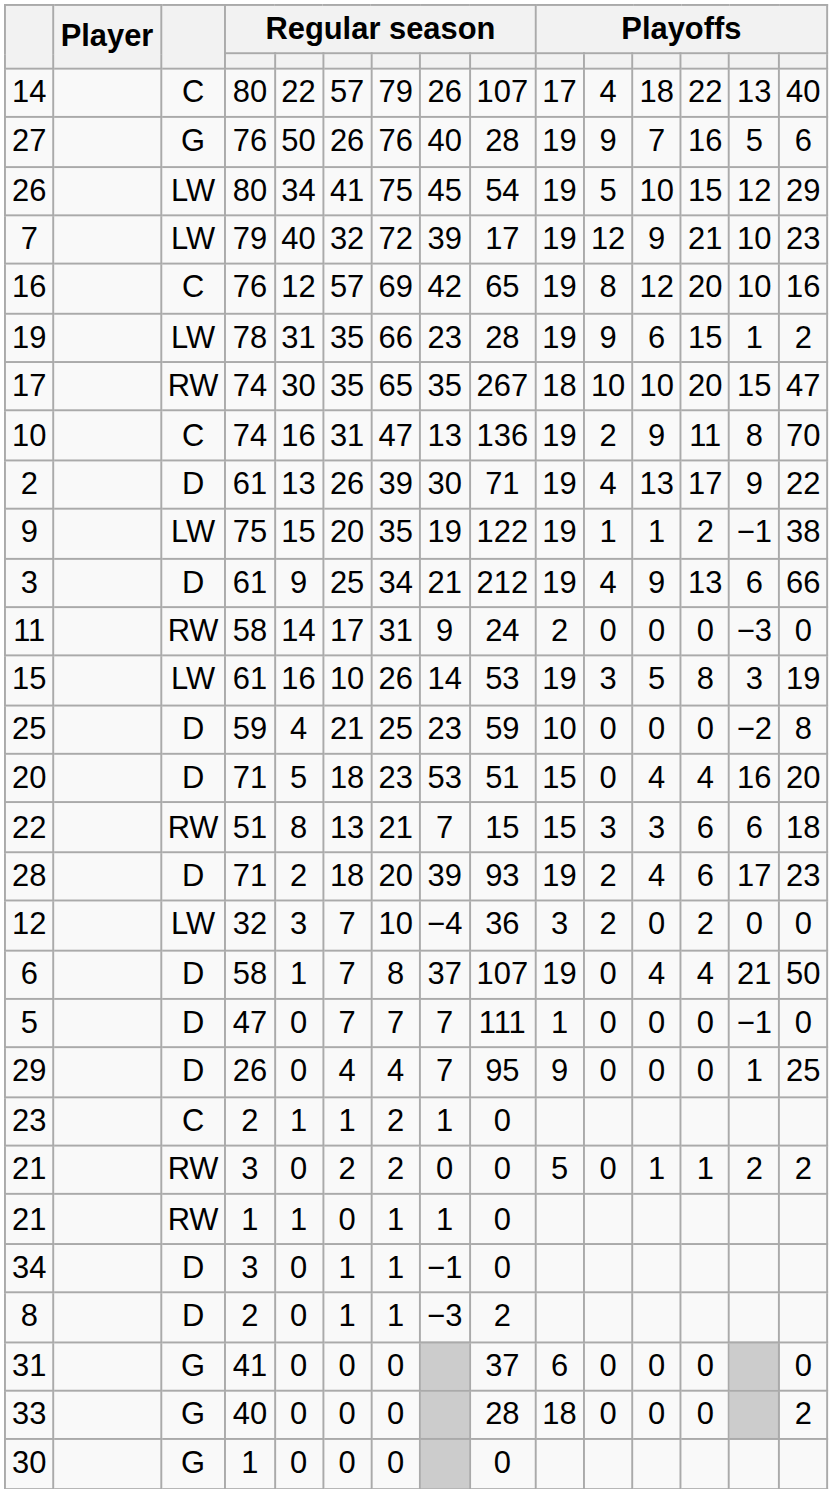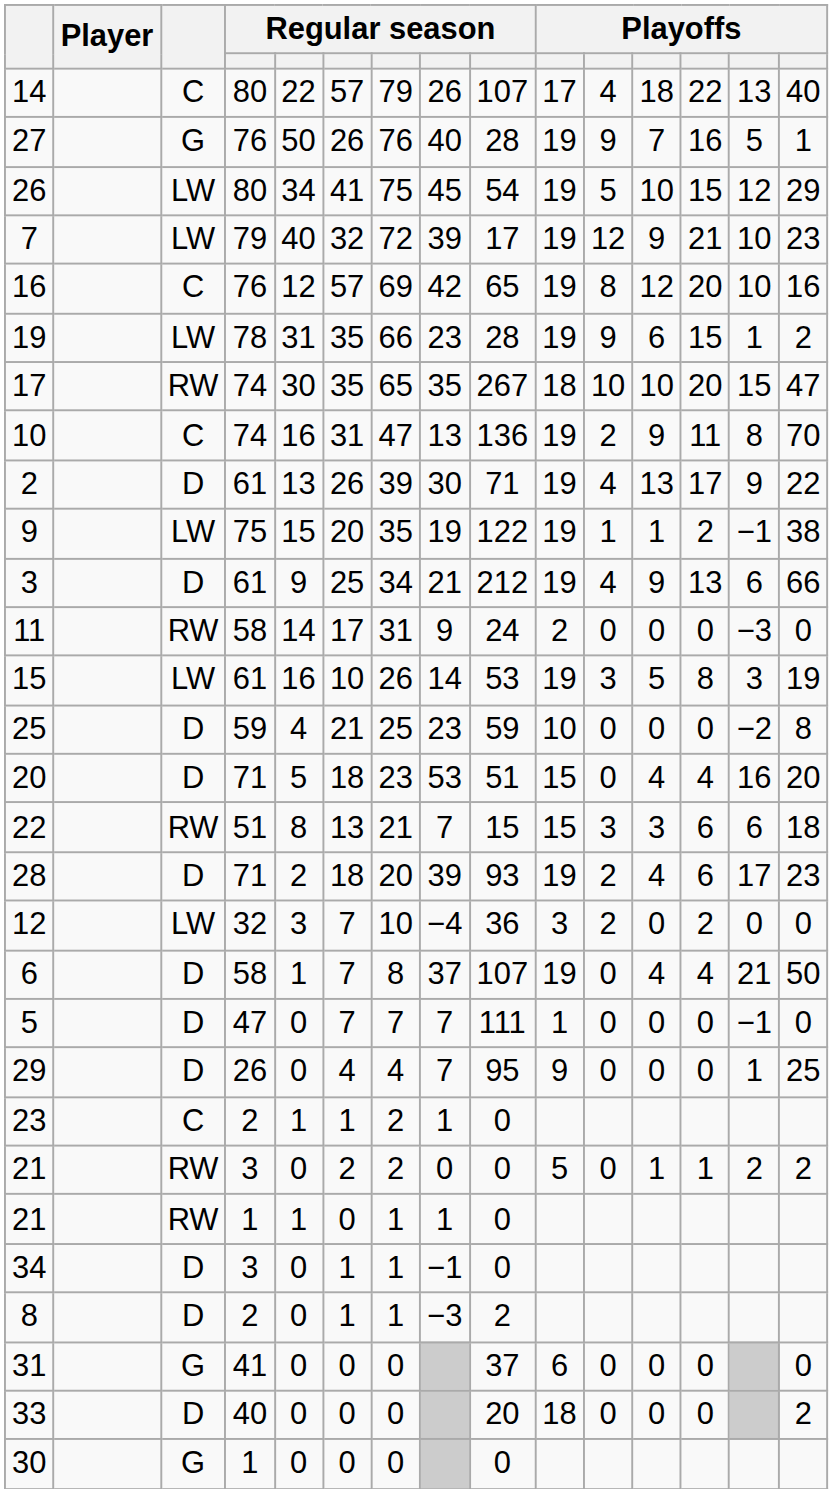 <table class="wikitable sortable plainrowheaders" style="text-align:center;">
 <tr>
 <th scope="col" data-sort-type="number" rowspan="2"></th>
 <th scope="col" rowspan="2">Player</th>
 <th scope="col" rowspan="2"></th>
 <th scope=colgroup colspan=6>Regular season</th>
 <th scope=colgroup colspan=6>Playoffs</th>
 </tr>
 <tr>
 <th scope="col" data-sort-type="number"></th>
 <th scope="col" data-sort-type="number"></th>
 <th scope="col" data-sort-type="number"></th>
 <th scope="col" data-sort-type="number"></th>
 <th scope="col" data-sort-type="number"></th>
 <th scope="col" data-sort-type="number"></th>
 <th scope="col" data-sort-type="number"></th>
 <th scope="col" data-sort-type="number"></th>
 <th scope="col" data-sort-type="number"></th>
 <th scope="col" data-sort-type="number"></th>
 <th scope="col" data-sort-type="number"></th>
 <th scope="col" data-sort-type="number"></th>
 </tr>
 <tr>
 <td scope="row">14</td>
 <td align="left"></td>
 <td>C</td>
 <td>80</td>
 <td>22</td>
 <td>57</td>
 <td>79</td>
 <td>26</td>
 <td>107</td>
 <td>17</td>
 <td>4</td>
 <td>18</td>
 <td>22</td>
 <td>13</td>
 <td>40</td>
 </tr>
 <tr>
 <td scope="row">27</td>
 <td align="left"></td>
 <td>G</td>
 <td>76</td>
 <td>50</td>
 <td>26</td>
 <td>76</td>
 <td>40</td>
 <td>28</td>
 <td>19</td>
 <td>9</td>
 <td>7</td>
 <td>16</td>
 <td>5</td>
-<td>6</td>
+<td>1</td>
 </tr>
 <tr>
 <td scope="row">26</td>
 <td align="left"></td>
 <td>LW</td>
 <td>80</td>
 <td>34</td>
 <td>41</td>
 <td>75</td>
 <td>45</td>
 <td>54</td>
 <td>19</td>
 <td>5</td>
 <td>10</td>
 <td>15</td>
 <td>12</td>
 <td>29</td>
 </tr>
 <tr>
 <td scope="row">7</td>
 <td align="left"></td>
 <td>LW</td>
 <td>79</td>
 <td>40</td>
 <td>32</td>
 <td>72</td>
 <td>39</td>
 <td>17</td>
 <td>19</td>
 <td>12</td>
 <td>9</td>
 <td>21</td>
 <td>10</td>
 <td>23</td>
 </tr>
 <tr>
 <td scope="row">16</td>
 <td align="left"></td>
 <td>C</td>
 <td>76</td>
 <td>12</td>
 <td>57</td>
 <td>69</td>
 <td>42</td>
 <td>65</td>
 <td>19</td>
 <td>8</td>
 <td>12</td>
 <td>20</td>
 <td>10</td>
 <td>16</td>
 </tr>
 <tr>
 <td scope="row">19</td>
 <td align="left"></td>
 <td>LW</td>
 <td>78</td>
 <td>31</td>
 <td>35</td>
 <td>66</td>
 <td>23</td>
 <td>28</td>
 <td>19</td>
 <td>9</td>
 <td>6</td>
 <td>15</td>
 <td>1</td>
 <td>2</td>
 </tr>
 <tr>
 <td scope="row">17</td>
 <td align="left"></td>
 <td>RW</td>
 <td>74</td>
 <td>30</td>
 <td>35</td>
 <td>65</td>
 <td>35</td>
 <td>267</td>
 <td>18</td>
 <td>10</td>
 <td>10</td>
 <td>20</td>
 <td>15</td>
 <td>47</td>
 </tr>
 <tr>
 <td scope="row">10</td>
 <td align="left"></td>
 <td>C</td>
 <td>74</td>
 <td>16</td>
 <td>31</td>
 <td>47</td>
 <td>13</td>
 <td>136</td>
 <td>19</td>
 <td>2</td>
 <td>9</td>
 <td>11</td>
 <td>8</td>
 <td>70</td>
 </tr>
 <tr>
 <td scope="row">2</td>
 <td align="left"></td>
 <td>D</td>
 <td>61</td>
 <td>13</td>
 <td>26</td>
 <td>39</td>
 <td>30</td>
 <td>71</td>
 <td>19</td>
 <td>4</td>
 <td>13</td>
 <td>17</td>
 <td>9</td>
 <td>22</td>
 </tr>
 <tr>
 <td scope="row">9</td>
 <td align="left"></td>
 <td>LW</td>
 <td>75</td>
 <td>15</td>
 <td>20</td>
 <td>35</td>
 <td>19</td>
 <td>122</td>
 <td>19</td>
 <td>1</td>
 <td>1</td>
 <td>2</td>
 <td>−1</td>
 <td>38</td>
 </tr>
 <tr>
 <td scope="row">3</td>
 <td align="left"></td>
 <td>D</td>
 <td>61</td>
 <td>9</td>
 <td>25</td>
 <td>34</td>
 <td>21</td>
 <td>212</td>
 <td>19</td>
 <td>4</td>
 <td>9</td>
 <td>13</td>
 <td>6</td>
 <td>66</td>
 </tr>
 <tr>
 <td scope="row">11</td>
 <td align="left"></td>
 <td>RW</td>
 <td>58</td>
 <td>14</td>
 <td>17</td>
 <td>31</td>
 <td>9</td>
 <td>24</td>
 <td>2</td>
 <td>0</td>
 <td>0</td>
 <td>0</td>
 <td>−3</td>
 <td>0</td>
 </tr>
 <tr>
 <td scope="row">15</td>
 <td align="left"></td>
 <td>LW</td>
 <td>61</td>
 <td>16</td>
 <td>10</td>
 <td>26</td>
 <td>14</td>
 <td>53</td>
 <td>19</td>
 <td>3</td>
 <td>5</td>
 <td>8</td>
 <td>3</td>
 <td>19</td>
 </tr>
 <tr>
 <td scope="row">25</td>
 <td align="left"></td>
 <td>D</td>
 <td>59</td>
 <td>4</td>
 <td>21</td>
 <td>25</td>
 <td>23</td>
 <td>59</td>
 <td>10</td>
 <td>0</td>
 <td>0</td>
 <td>0</td>
 <td>−2</td>
 <td>8</td>
 </tr>
 <tr>
 <td scope="row">20</td>
 <td align="left"></td>
 <td>D</td>
 <td>71</td>
 <td>5</td>
 <td>18</td>
 <td>23</td>
 <td>53</td>
 <td>51</td>
 <td>15</td>
 <td>0</td>
 <td>4</td>
 <td>4</td>
 <td>16</td>
 <td>20</td>
 </tr>
 <tr>
 <td scope="row">22</td>
 <td align="left"></td>
 <td>RW</td>
 <td>51</td>
 <td>8</td>
 <td>13</td>
 <td>21</td>
 <td>7</td>
 <td>15</td>
 <td>15</td>
 <td>3</td>
 <td>3</td>
 <td>6</td>
 <td>6</td>
 <td>18</td>
 </tr>
 <tr>
 <td scope="row">28</td>
 <td align="left"></td>
 <td>D</td>
 <td>71</td>
 <td>2</td>
 <td>18</td>
 <td>20</td>
 <td>39</td>
 <td>93</td>
 <td>19</td>
 <td>2</td>
 <td>4</td>
 <td>6</td>
 <td>17</td>
 <td>23</td>
 </tr>
 <tr>
 <td scope="row">12</td>
 <td align="left"></td>
 <td>LW</td>
 <td>32</td>
 <td>3</td>
 <td>7</td>
 <td>10</td>
 <td>−4</td>
 <td>36</td>
 <td>3</td>
 <td>2</td>
 <td>0</td>
 <td>2</td>
 <td>0</td>
 <td>0</td>
 </tr>
 <tr>
 <td scope="row">6</td>
 <td align="left"></td>
 <td>D</td>
 <td>58</td>
 <td>1</td>
 <td>7</td>
 <td>8</td>
 <td>37</td>
 <td>107</td>
 <td>19</td>
 <td>0</td>
 <td>4</td>
 <td>4</td>
 <td>21</td>
 <td>50</td>
 </tr>
 <tr>
 <td scope="row">5</td>
 <td align="left"></td>
 <td>D</td>
 <td>47</td>
 <td>0</td>
 <td>7</td>
 <td>7</td>
 <td>7</td>
 <td>111</td>
 <td>1</td>
 <td>0</td>
 <td>0</td>
 <td>0</td>
 <td>−1</td>
 <td>0</td>
 </tr>
 <tr>
 <td scope="row">29</td>
 <td align="left"></td>
 <td>D</td>
 <td>26</td>
 <td>0</td>
 <td>4</td>
 <td>4</td>
 <td>7</td>
 <td>95</td>
 <td>9</td>
 <td>0</td>
 <td>0</td>
 <td>0</td>
 <td>1</td>
 <td>25</td>
 </tr>
 <tr>
 <td scope="row">23</td>
 <td align="left"></td>
 <td>C</td>
 <td>2</td>
 <td>1</td>
 <td>1</td>
 <td>2</td>
 <td>1</td>
 <td>0</td>
 <td></td>
 <td></td>
 <td></td>
 <td></td>
 <td></td>
 <td></td>
 </tr>
 <tr>
 <td scope="row">21</td>
 <td align="left"></td>
 <td>RW</td>
 <td>3</td>
 <td>0</td>
 <td>2</td>
 <td>2</td>
 <td>0</td>
 <td>0</td>
 <td>5</td>
 <td>0</td>
 <td>1</td>
 <td>1</td>
 <td>2</td>
 <td>2</td>
 </tr>
 <tr>
 <td scope="row">21</td>
 <td align="left"></td>
 <td>RW</td>
 <td>1</td>
 <td>1</td>
 <td>0</td>
 <td>1</td>
 <td>1</td>
 <td>0</td>
 <td></td>
 <td></td>
 <td></td>
 <td></td>
 <td></td>
 <td></td>
 </tr>
 <tr>
 <td scope="row">34</td>
 <td align="left"></td>
 <td>D</td>
 <td>3</td>
 <td>0</td>
 <td>1</td>
 <td>1</td>
 <td>−1</td>
 <td>0</td>
 <td></td>
 <td></td>
 <td></td>
 <td></td>
 <td></td>
 <td></td>
 </tr>
 <tr>
 <td scope="row">8</td>
 <td align="left"></td>
 <td>D</td>
 <td>2</td>
 <td>0</td>
 <td>1</td>
 <td>1</td>
 <td>−3</td>
 <td>2</td>
 <td></td>
 <td></td>
 <td></td>
 <td></td>
 <td></td>
 <td></td>
 </tr>
 <tr>
 <td scope="row">31</td>
 <td align="left"></td>
 <td>G</td>
 <td>41</td>
 <td>0</td>
 <td>0</td>
 <td>0</td>
 <td style="background:#ccc"></td>
 <td>37</td>
 <td>6</td>
 <td>0</td>
 <td>0</td>
 <td>0</td>
 <td style="background:#ccc"></td>
 <td>0</td>
 </tr>
 <tr>
 <td scope="row">33</td>
 <td align="left"></td>
-<td>G</td>
+<td>D</td>
 <td>40</td>
 <td>0</td>
 <td>0</td>
 <td>0</td>
 <td style="background:#ccc"></td>
-<td>28</td>
+<td>20</td>
 <td>18</td>
 <td>0</td>
 <td>0</td>
 <td>0</td>
 <td style="background:#ccc"></td>
 <td>2</td>
 </tr>
 <tr>
 <td scope="row">30</td>
 <td align="left"></td>
 <td>G</td>
 <td>1</td>
 <td>0</td>
 <td>0</td>
 <td>0</td>
 <td style="background:#ccc"></td>
 <td>0</td>
 <td></td>
 <td></td>
 <td></td>
 <td></td>
 <td></td>
 <td></td>
 </tr>
 </table>
